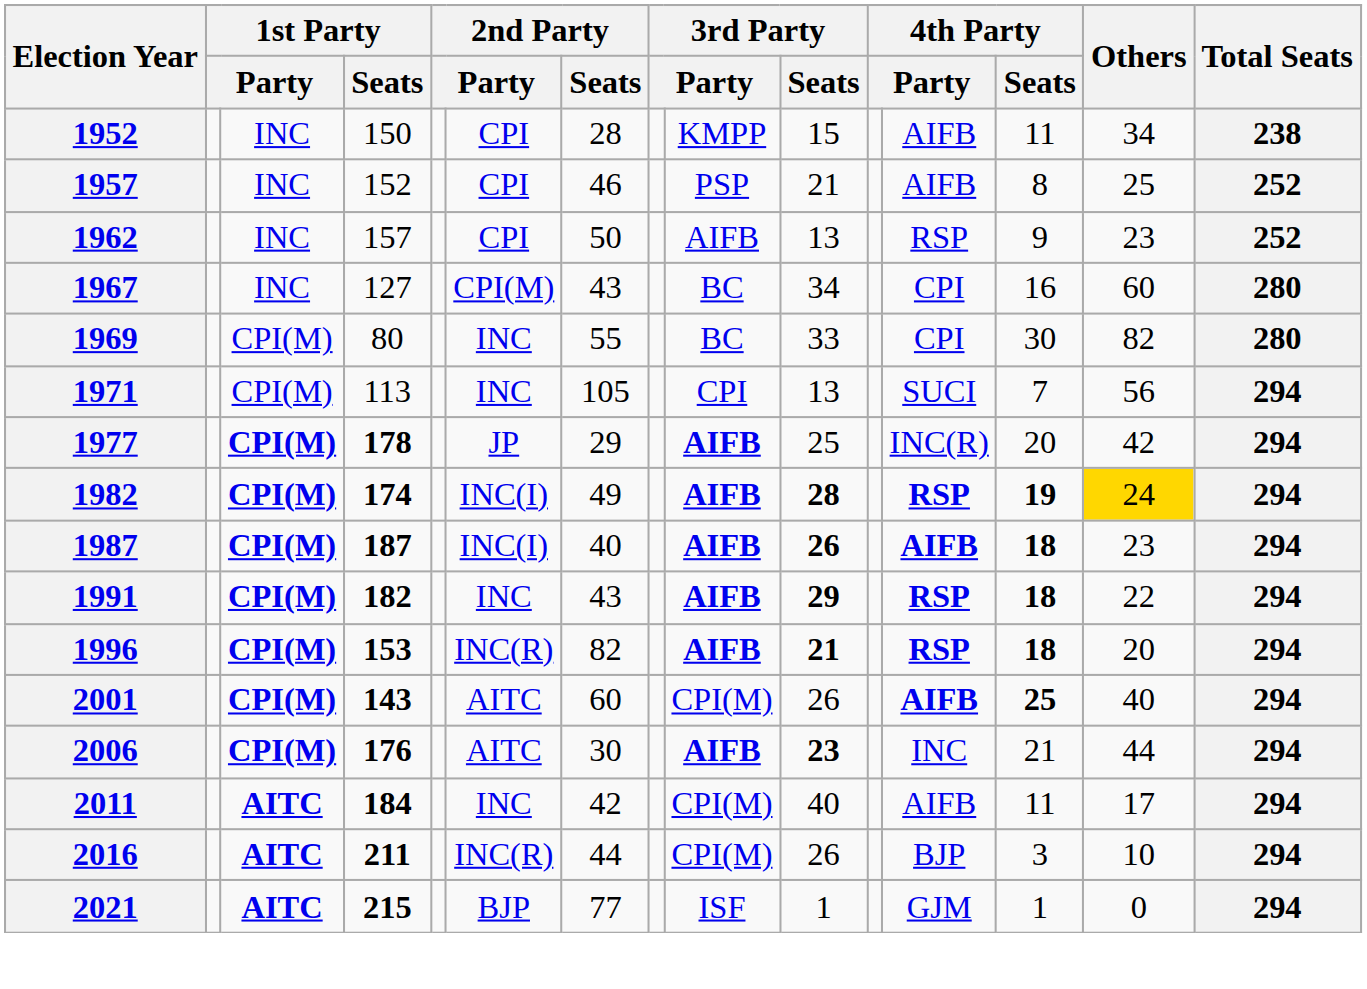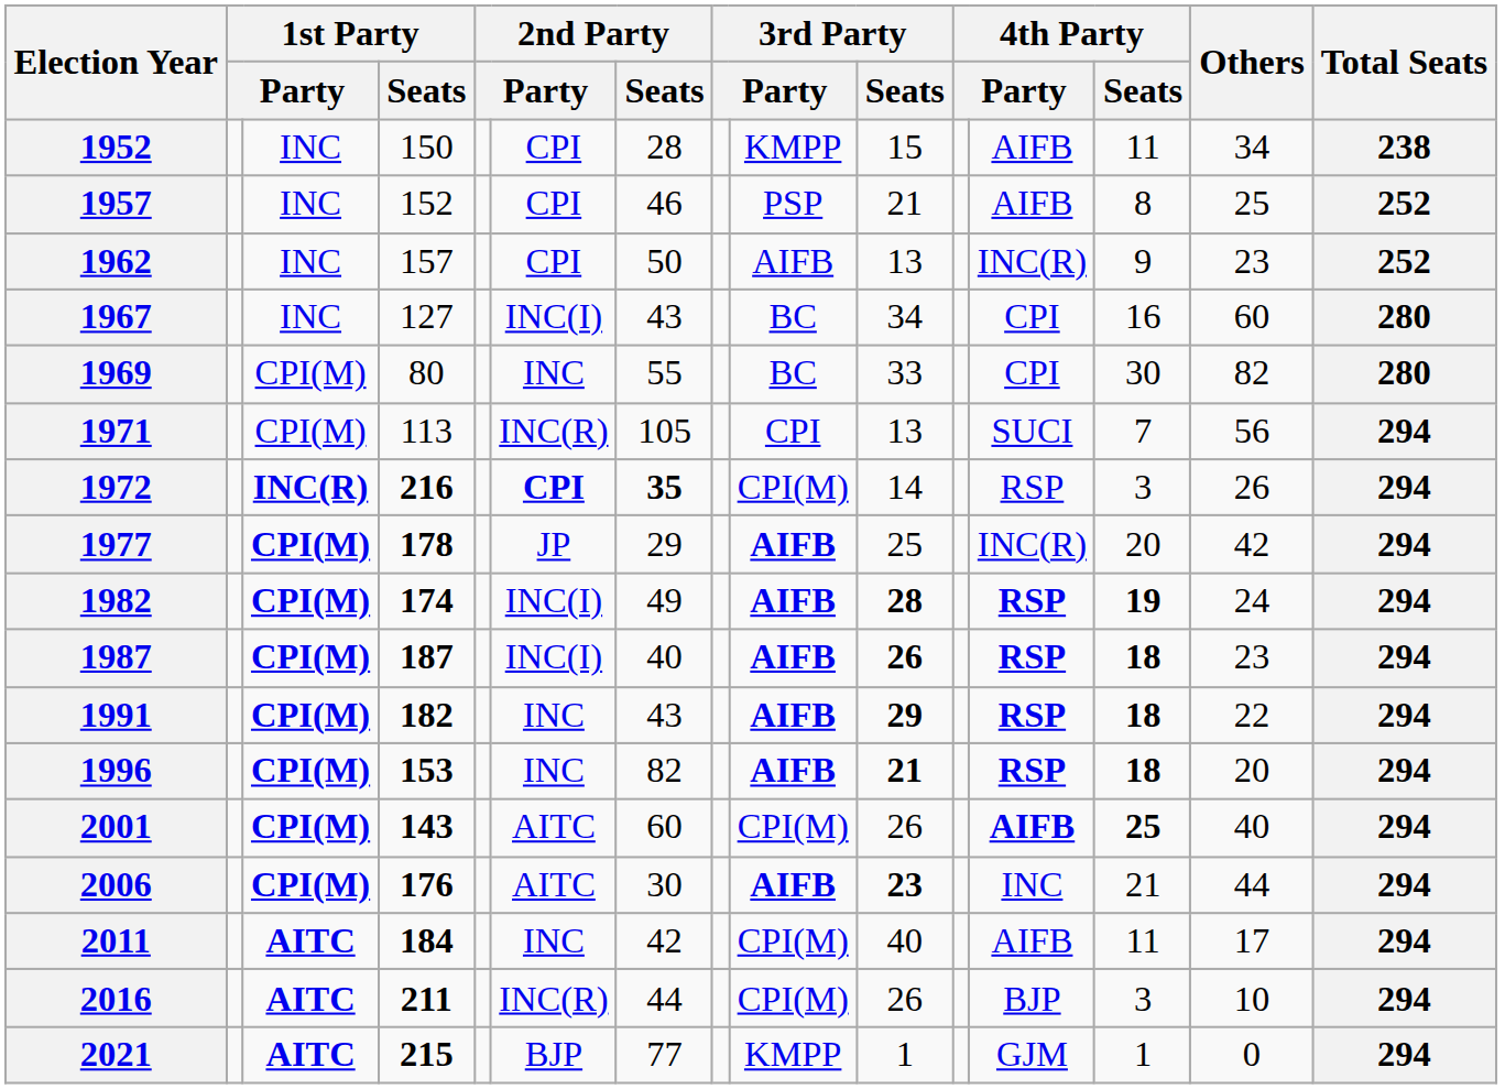 <table class="wikitable" style="text-align:center">
 <tr>
 <th rowspan="2">Election Year</th>
 <th colspan="3">1st Party</th>
 <th colspan="3">2nd Party</th>
 <th colspan="3">3rd Party</th>
 <th colspan="3">4th Party</th>
 <th rowspan="2">Others</th>
 <th rowspan="2">Total Seats</th>
 </tr>
 <tr>
 <th colspan="2">Party</th>
 <th>Seats</th>
 <th colspan="2">Party</th>
 <th>Seats</th>
 <th colspan="2">Party</th>
 <th>Seats</th>
 <th colspan="2">Party</th>
 <th>Seats</th>
 </tr>
 <tr>
 <th><a href='#'>1952</a></th>
 <td style="background-color: "></td>
 <td><a href='#'>INC</a></td>
 <td>150</td>
 <td style="background-color:"></td>
 <td><a href='#'>CPI</a></td>
 <td>28</td>
 <td style="background-color: "></td>
 <td><a href='#'>KMPP</a></td>
 <td>15</td>
 <td style="background-color: "></td>
 <td><a href='#'>AIFB</a></td>
 <td>11</td>
 <td>34</td>
 <th>238</th>
 </tr>
 <tr>
 <th><a href='#'>1957</a></th>
 <td style="background-color: "></td>
 <td><a href='#'>INC</a></td>
 <td>152</td>
 <td style="background-color:"></td>
 <td><a href='#'>CPI</a></td>
 <td>46</td>
 <td style="background-color: "></td>
 <td><a href='#'>PSP</a></td>
 <td>21</td>
 <td style="background-color: "></td>
 <td><a href='#'>AIFB</a></td>
 <td>8</td>
 <td>25</td>
 <th>252</th>
 </tr>
 <tr>
 <th><a href='#'>1962</a></th>
 <td style="background-color: "></td>
 <td><a href='#'>INC</a></td>
 <td>157</td>
 <td style="background-color:"></td>
 <td><a href='#'>CPI</a></td>
 <td>50</td>
 <td style="background-color: "></td>
 <td><a href='#'>AIFB</a></td>
 <td>13</td>
 <td style="background-color: "></td>
-<td><a href='#'>RSP</a></td>
+<td><a href='#'>INC(R)</a></td>
 <td>9</td>
 <td>23</td>
 <th>252</th>
 </tr>
 <tr>
 <th><a href='#'>1967</a></th>
 <td style="background-color: "></td>
 <td><a href='#'>INC</a></td>
 <td>127</td>
 <td style="background-color:"></td>
-<td><a href='#'>CPI(M)</a></td>
+<td><a href='#'>INC(I)</a></td>
 <td>43</td>
 <td style="background-color: "></td>
 <td><a href='#'>BC</a></td>
 <td>34</td>
 <td style="background-color:"></td>
 <td><a href='#'>CPI</a></td>
 <td>16</td>
 <td>60</td>
 <th>280</th>
 </tr>
 <tr>
 <th><a href='#'>1969</a></th>
 <td style="background-color:"></td>
 <td><a href='#'>CPI(M)</a></td>
 <td>80</td>
 <td style="background-color: "></td>
 <td><a href='#'>INC</a></td>
 <td>55</td>
 <td style="background-color: "></td>
 <td><a href='#'>BC</a></td>
 <td>33</td>
 <td style="background-color:"></td>
 <td><a href='#'>CPI</a></td>
 <td>30</td>
 <td>82</td>
 <th>280</th>
 </tr>
 <tr>
 <th><a href='#'>1971</a></th>
 <td style="background-color:"></td>
 <td><a href='#'>CPI(M)</a></td>
 <td>113</td>
 <td style="background-color: "></td>
-<td><a href='#'>INC</a></td>
+<td><a href='#'>INC(R)</a></td>
 <td>105</td>
 <td style="background-color:"></td>
 <td><a href='#'>CPI</a></td>
 <td>13</td>
 <td style="background-color:"></td>
 <td><a href='#'>SUCI</a></td>
 <td>7</td>
 <td>56</td>
+<th>294</th>
+</tr>
+<tr>
+<th><a href='#'>1972</a></th>
+<td style="background-color: "></td>
+<td><strong><a href='#'>INC(R)</a></strong></td>
+<td><strong>216</strong></td>
+<td style="background-color:"></td>
+<td><strong><a href='#'>CPI</a></strong></td>
+<td><strong>35</strong></td>
+<td style="background-color:"></td>
+<td><a href='#'>CPI(M)</a></td>
+<td>14</td>
+<td style="background-color: "></td>
+<td><a href='#'>RSP</a></td>
+<td>3</td>
+<td>26</td>
 <th>294</th>
 </tr>
 <tr>
 <th><a href='#'>1977</a></th>
 <td style="background-color:"></td>
 <td><strong><a href='#'>CPI(M)</a></strong></td>
 <td><strong>178</strong></td>
 <td style="background-color: "></td>
 <td><a href='#'>JP</a></td>
 <td>29</td>
 <td style="background-color: "></td>
 <td><strong><a href='#'>AIFB</a></strong></td>
 <td>25</td>
 <td style="background-color: "></td>
 <td><a href='#'>INC(R)</a></td>
 <td>20</td>
 <td>42</td>
 <th>294</th>
 </tr>
 <tr>
 <th><a href='#'>1982</a></th>
 <td style="background-color:"></td>
 <td><strong><a href='#'>CPI(M)</a></strong></td>
 <td><strong>174</strong></td>
 <td style="background-color: "></td>
 <td><a href='#'>INC(I)</a></td>
 <td>49</td>
 <td style="background-color: "></td>
 <td><strong><a href='#'>AIFB</a></strong></td>
 <td><strong>28</strong></td>
 <td style="background-color: "></td>
 <td><strong><a href='#'>RSP</a></strong></td>
 <td><strong>19</strong></td>
-<td style="background: gold;">24</td>
+<td>24</td>
 <th>294</th>
 </tr>
 <tr>
 <th><a href='#'>1987</a></th>
 <td style="background-color:"></td>
 <td><strong><a href='#'>CPI(M)</a></strong></td>
 <td><strong>187</strong></td>
 <td style="background-color: "></td>
 <td><a href='#'>INC(I)</a></td>
 <td>40</td>
 <td style="background-color: "></td>
 <td><strong><a href='#'>AIFB</a></strong></td>
 <td><strong>26</strong></td>
 <td style="background-color: "></td>
-<td><strong><a href='#'>AIFB</a></strong></td>
+<td><strong><a href='#'>RSP</a></strong></td>
 <td><strong>18</strong></td>
 <td>23</td>
 <th>294</th>
 </tr>
 <tr>
 <th><a href='#'>1991</a></th>
 <td style="background-color:"></td>
 <td><strong><a href='#'>CPI(M)</a></strong></td>
 <td><strong>182</strong></td>
 <td style="background-color: "></td>
 <td><a href='#'>INC</a></td>
 <td>43</td>
 <td style="background-color: "></td>
 <td><strong><a href='#'>AIFB</a></strong></td>
 <td><strong>29</strong></td>
 <td style="background-color: "></td>
 <td><strong><a href='#'>RSP</a></strong></td>
 <td><strong>18</strong></td>
 <td>22</td>
 <th>294</th>
 </tr>
 <tr>
 <th><a href='#'>1996</a></th>
 <td style="background-color:"></td>
 <td><strong><a href='#'>CPI(M)</a></strong></td>
 <td><strong>153</strong></td>
 <td style="background-color: "></td>
-<td><a href='#'>INC(R)</a></td>
+<td><a href='#'>INC</a></td>
 <td>82</td>
 <td style="background-color: "></td>
 <td><strong><a href='#'>AIFB</a></strong></td>
 <td><strong>21</strong></td>
 <td style="background-color: "></td>
 <td><strong><a href='#'>RSP</a></strong></td>
 <td><strong>18</strong></td>
 <td>20</td>
 <th>294</th>
 </tr>
 <tr>
 <th><a href='#'>2001</a></th>
 <td style="background-color:"></td>
 <td><strong><a href='#'>CPI(M)</a></strong></td>
 <td><strong>143</strong></td>
 <td style="background-color: "></td>
 <td><a href='#'>AITC</a></td>
 <td>60</td>
 <td style="background-color: "></td>
 <td><a href='#'>CPI(M)</a></td>
 <td>26</td>
 <td style="background-color: "></td>
 <td><strong><a href='#'>AIFB</a></strong></td>
 <td><strong>25</strong></td>
 <td>40</td>
 <th>294</th>
 </tr>
 <tr>
 <th><a href='#'>2006</a></th>
 <td style="background-color:"></td>
 <td><strong><a href='#'>CPI(M)</a></strong></td>
 <td><strong>176</strong></td>
 <td style="background-color: "></td>
 <td><a href='#'>AITC</a></td>
 <td>30</td>
 <td style="background-color: "></td>
 <td><strong><a href='#'>AIFB</a></strong></td>
 <td><strong>23</strong></td>
 <td style="background-color: "></td>
 <td><a href='#'>INC</a></td>
 <td>21</td>
 <td>44</td>
 <th>294</th>
 </tr>
 <tr>
 <th><a href='#'>2011</a></th>
 <td style="background-color: "></td>
 <td><strong><a href='#'>AITC</a></strong></td>
 <td><strong>184</strong></td>
 <td style="background-color: "></td>
 <td><a href='#'>INC</a></td>
 <td>42</td>
 <td style="background-color:"></td>
 <td><a href='#'>CPI(M)</a></td>
 <td>40</td>
 <td style="background-color: "></td>
 <td><a href='#'>AIFB</a></td>
 <td>11</td>
 <td>17</td>
 <th>294</th>
 </tr>
 <tr>
 <th><a href='#'>2016</a></th>
 <td style="background-color: "></td>
 <td><strong><a href='#'>AITC</a></strong></td>
 <td><strong>211</strong></td>
 <td style="background-color: "></td>
 <td><a href='#'>INC(R)</a></td>
 <td>44</td>
 <td style="background-color:"></td>
 <td><a href='#'>CPI(M)</a></td>
 <td>26</td>
 <td style="background-color: "></td>
 <td><a href='#'>BJP</a></td>
 <td>3</td>
 <td>10</td>
 <th>294</th>
 </tr>
 <tr>
 <th><a href='#'>2021</a></th>
 <td style="background-color: "></td>
 <td><strong><a href='#'>AITC</a></strong></td>
 <td><strong>215</strong></td>
 <td style="background-color: "></td>
 <td><a href='#'>BJP</a></td>
 <td>77</td>
 <td style="background-color: "></td>
-<td><a href='#'>ISF</a></td>
+<td><a href='#'>KMPP</a></td>
 <td>1</td>
 <td style="background-color:"></td>
 <td><a href='#'>GJM</a></td>
 <td>1</td>
 <td>0</td>
 <th>294</th>
 </tr>
 </table>
